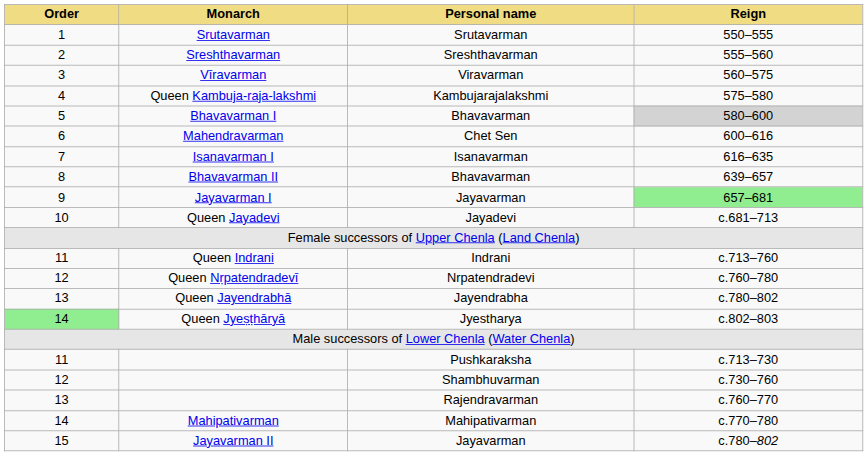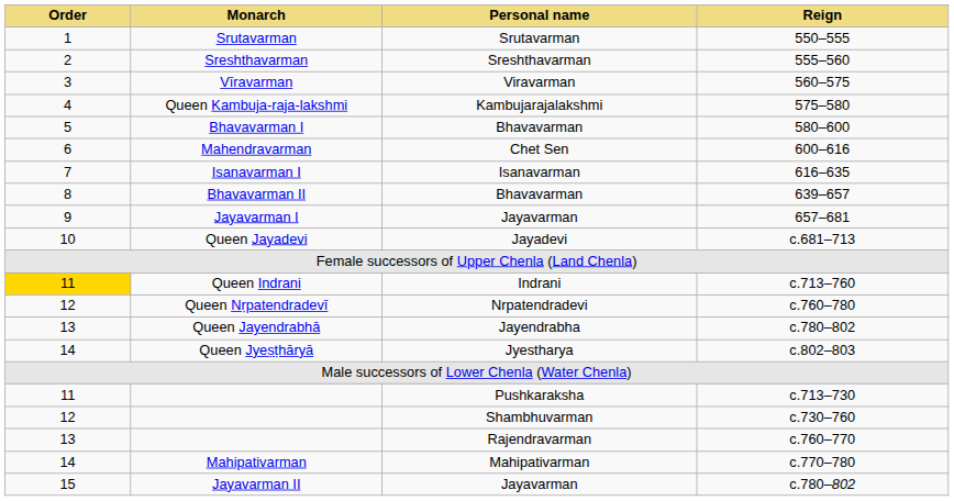 <table class="wikitable">
 <tr>
 <th style="background-color:#F0DC82" width=10%>Order</th>
 <th style="background-color:#F0DC82" width=20%>Monarch</th>
 <th style="background-color:#F0DC82" width=25%>Personal name</th>
 <th style="background-color:#F0DC82" width=20%>Reign</th>
 </tr>
 <tr>
 <td align="center">1</td>
 <td align="center"><a href='#'>Srutavarman</a></td>
 <td align="center">Srutavarman</td>
 <td align="center">550–555</td>
 </tr>
 <tr>
 <td align="center">2</td>
 <td align="center"><a href='#'>Sreshthavarman</a></td>
 <td align="center">Sreshthavarman</td>
 <td align="center">555–560</td>
 </tr>
 <tr>
 <td align="center">3</td>
 <td align="center"><a href='#'>Vīravarman</a></td>
 <td align="center">Viravarman</td>
 <td align="center">560–575</td>
 </tr>
 <tr>
 <td align="center">4</td>
 <td align="center">Queen <a href='#'>Kambuja-raja-lakshmi</a></td>
 <td align="center">Kambujarajalakshmi</td>
 <td align="center">575–580</td>
 </tr>
 <tr>
 <td align="center">5</td>
 <td align="center"><a href='#'>Bhavavarman I</a></td>
 <td align="center">Bhavavarman</td>
-<td align="center" style="background: lightgrey;">580–600</td>
+<td align="center">580–600</td>
 </tr>
 <tr>
 <td align="center">6</td>
 <td align="center"><a href='#'>Mahendravarman</a></td>
 <td align="center">Chet Sen</td>
 <td align="center">600–616</td>
 </tr>
 <tr>
 <td align="center">7</td>
 <td align="center"><a href='#'>Isanavarman I</a></td>
 <td align="center">Isanavarman</td>
 <td align="center">616–635</td>
 </tr>
 <tr>
 <td align="center">8</td>
 <td align="center"><a href='#'>Bhavavarman II</a></td>
 <td align="center">Bhavavarman</td>
 <td align="center">639–657</td>
 </tr>
 <tr>
 <td align="center">9</td>
 <td align="center"><a href='#'>Jayavarman I</a></td>
 <td align="center">Jayavarman</td>
-<td align="center" style="background: lightgreen;">657–681</td>
+<td align="center">657–681</td>
 </tr>
 <tr>
 <td align="center">10</td>
 <td align="center">Queen <a href='#'>Jayadevi</a></td>
 <td align="center">Jayadevi</td>
 <td align="center">c.681–713</td>
 </tr>
 <tr>
 <td colspan=4 align="center" style="background:#E6E6E6;">Female successors of <a href='#'>Upper Chenla</a> (<a href='#'>Land Chenla</a>)</td>
 </tr>
 <tr>
-<td align="center">11</td>
+<td align="center" style="background: gold;">11</td>
 <td align="center">Queen <a href='#'>Indrani</a></td>
 <td align="center">Indrani</td>
 <td align="center">c.713–760</td>
 </tr>
 <tr>
 <td align="center">12</td>
 <td align="center">Queen <a href='#'>Nṛpatendradevī</a></td>
 <td align="center">Nrpatendradevi</td>
 <td align="center">c.760–780</td>
 </tr>
 <tr>
 <td align="center">13</td>
 <td align="center">Queen <a href='#'>Jayendrabhā</a></td>
 <td align="center">Jayendrabha</td>
 <td align="center">c.780–802</td>
 </tr>
 <tr>
-<td align="center" style="background: lightgreen;">14</td>
+<td align="center">14</td>
 <td align="center">Queen <a href='#'>Jyeṣṭhāryā</a></td>
 <td align="center">Jyestharya</td>
 <td align="center">c.802–803</td>
 </tr>
 <tr>
 <td colspan=4 align="center" style="background:#E6E6E6;">Male successors of <a href='#'>Lower Chenla</a> (<a href='#'>Water Chenla</a>)</td>
 </tr>
 <tr>
 <td align="center">11</td>
 <td align="center"></td>
 <td align="center">Pushkaraksha</td>
 <td align="center">c.713–730</td>
 </tr>
 <tr>
 <td align="center">12</td>
 <td align="center"></td>
 <td align="center">Shambhuvarman</td>
 <td align="center">c.730–760</td>
 </tr>
 <tr>
 <td align="center">13</td>
 <td align="center"></td>
 <td align="center">Rajendravarman</td>
 <td align="center">c.760–770</td>
 </tr>
 <tr>
 <td align="center">14</td>
 <td align="center"><a href='#'>Mahipativarman</a></td>
 <td align="center">Mahipativarman</td>
 <td align="center">c.770–780</td>
 </tr>
 <tr>
 <td align="center">15</td>
 <td align="center"><a href='#'>Jayavarman II</a></td>
 <td align="center">Jayavarman</td>
 <td align="center">c.780–<em>802</em></td>
 </tr>
 </table>
